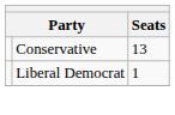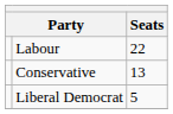 <table class="wikitable">
 <tr>
 <th colspan="3"></th>
 </tr>
 <tr>
 <th colspan="2">Party</th>
 <th>Seats</th>
 </tr>
 <tr>
 <td style="color:inherit;background:"></td>
+<td>Labour</td>
+<td>22</td>
+</tr>
+<tr>
+<td style="color:inherit;background:"></td>
 <td>Conservative</td>
 <td>13</td>
 </tr>
 <tr>
 <td style="color:inherit;background:"></td>
 <td>Liberal Democrat</td>
-<td>1</td>
+<td>5</td>
 </tr>
 <tr>
 </tr>
 </table>
